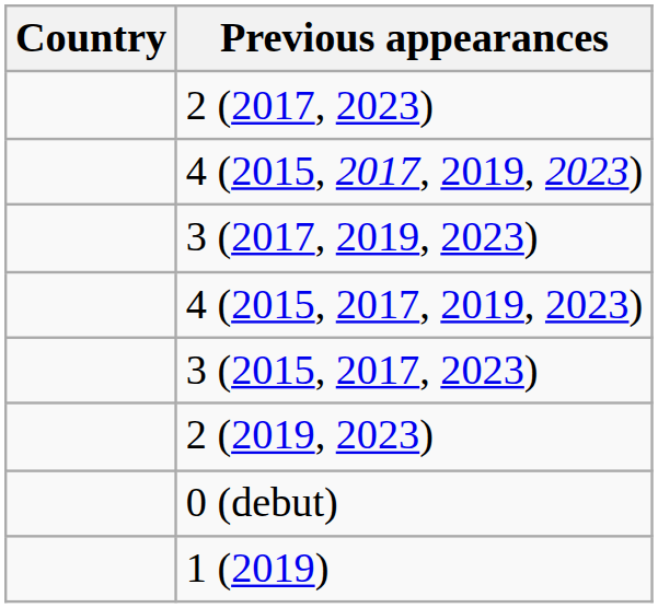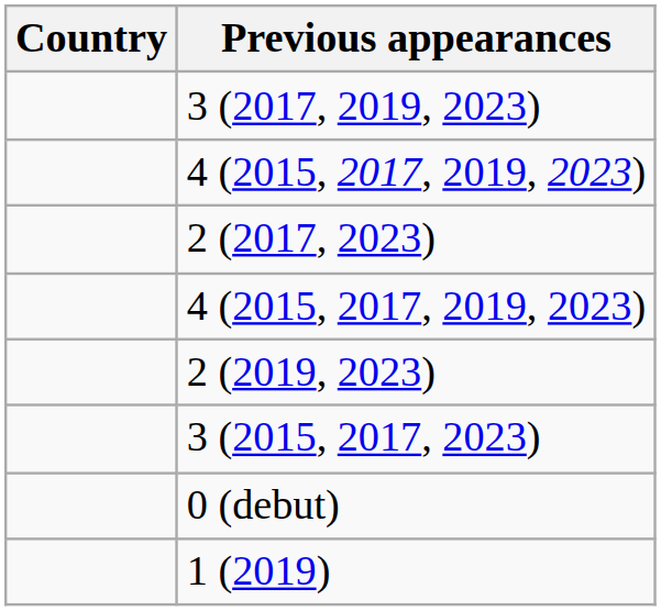 <table class="wikitable sortable">
 <tr>
 <th>Country</th>
 <th>Previous appearances</th>
 </tr>
 <tr>
 <td></td>
-<td>2 (<a href='#'>2017</a>, <a href='#'>2023</a>)</td>
+<td>3 (<a href='#'>2017</a>, <a href='#'>2019</a>, <a href='#'>2023</a>)</td>
 </tr>
 <tr>
 <td></td>
 <td>4 (<a href='#'>2015</a>, <em><a href='#'>2017</a></em>, <a href='#'>2019</a>, <em><a href='#'>2023</a></em>)</td>
 </tr>
 <tr>
 <td></td>
-<td>3 (<a href='#'>2017</a>, <a href='#'>2019</a>, <a href='#'>2023</a>)</td>
+<td>2 (<a href='#'>2017</a>, <a href='#'>2023</a>)</td>
 </tr>
 <tr>
 <td></td>
 <td>4 (<a href='#'>2015</a>, <a href='#'>2017</a>, <a href='#'>2019</a>, <a href='#'>2023</a>)</td>
 </tr>
 <tr>
 <td></td>
-<td>3 (<a href='#'>2015</a>, <a href='#'>2017</a>, <a href='#'>2023</a>)</td>
+<td>2 (<a href='#'>2019</a>, <a href='#'>2023</a>)</td>
 </tr>
 <tr>
 <td></td>
-<td>2 (<a href='#'>2019</a>, <a href='#'>2023</a>)</td>
+<td>3 (<a href='#'>2015</a>, <a href='#'>2017</a>, <a href='#'>2023</a>)</td>
 </tr>
 <tr>
 <td></td>
 <td>0 (debut)</td>
 </tr>
 <tr>
 <td></td>
 <td>1 (<a href='#'>2019</a>)</td>
 </tr>
 </table>
